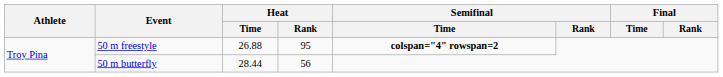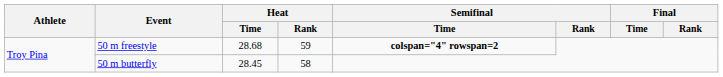 <table class="wikitable" style="text-align:center; font-size:90%; width:50%;">
 <tr>
 <th rowspan="2">Athlete</th>
 <th rowspan="2">Event</th>
 <th colspan="2">Heat</th>
 <th colspan="2">Semifinal</th>
 <th colspan="2">Final</th>
 </tr>
 <tr style="font-size:95%">
 <th>Time</th>
 <th>Rank</th>
 <th>Time</th>
 <th>Rank</th>
 <th>Time</th>
 <th>Rank</th>
 </tr>
 <tr>
 <td align=left rowspan=2><a href='#'>Troy Pina</a></td>
 <td align=left><a href='#'>50 m freestyle</a></td>
-<td>26.88</td>
-<td>95</td>
+<td>28.68</td>
+<td>59</td>
 <td><strong>colspan="4" rowspan=2 </strong></td>
 </tr>
 <tr>
 <td align=left><a href='#'>50 m butterfly</a></td>
-<td>28.44</td>
-<td>56</td>
+<td>28.45</td>
+<td>58</td>
 </tr>
 </table>
